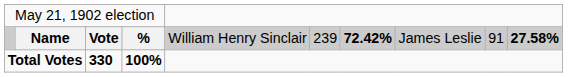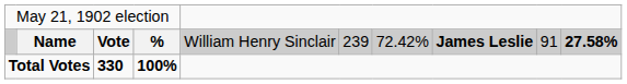 <table class="wikitable">
 <tr>
 <td colspan=4 align=center>May 21, 1902 election</td>
 </tr>
 <tr bgcolor="#cccccc">
 <td></td>
 <th><strong>Name </strong></th>
 <th><strong>Vote</strong></th>
 <th><strong>%</strong><br></th>
 <td>William Henry Sinclair</td>
 <td>239</td>
-<td><strong>72.42%<br></strong></td>
-<td>James Leslie</td>
+<td>72.42%<br></td>
+<td><strong>James Leslie</strong></td>
 <td>91</td>
 <td><strong>27.58%</strong></td>
 </tr>
 <tr>
 <td colspan=2><strong>Total Votes</strong></td>
 <td><strong>330</strong></td>
 <td><strong>100%</strong></td>
 </tr>
 </table>
